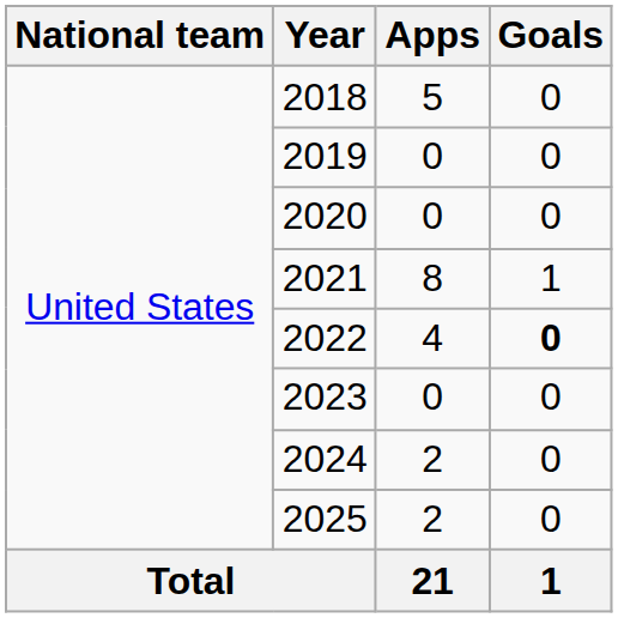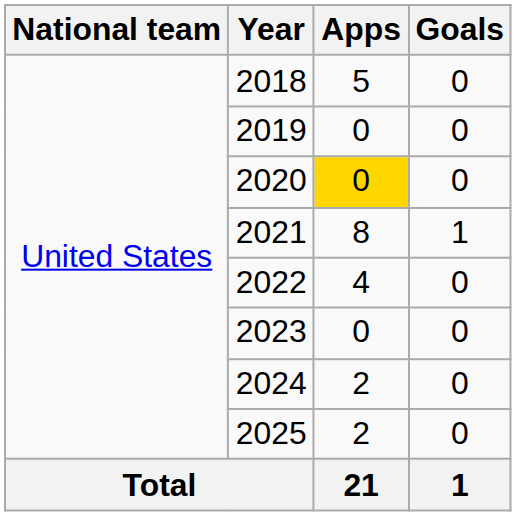 <table class="wikitable" style="text-align:center">
 <tr>
 <th>National team</th>
 <th>Year</th>
 <th>Apps</th>
 <th>Goals</th>
 </tr>
 <tr>
 <td rowspan="8"><a href='#'>United States</a></td>
 <td>2018</td>
 <td>5</td>
 <td>0</td>
 </tr>
 <tr>
 <td>2019</td>
 <td>0</td>
 <td>0</td>
 </tr>
 <tr>
 <td>2020</td>
-<td>0</td>
+<td style="background: gold;">0</td>
 <td>0</td>
 </tr>
 <tr>
 <td>2021</td>
 <td>8</td>
 <td>1</td>
 </tr>
 <tr>
 <td>2022</td>
 <td>4</td>
-<td><strong>0</strong></td>
+<td>0</td>
 </tr>
 <tr>
 <td>2023</td>
 <td>0</td>
 <td>0</td>
 </tr>
 <tr>
 <td>2024</td>
 <td>2</td>
 <td>0</td>
 </tr>
 <tr>
 <td>2025</td>
 <td>2</td>
 <td>0</td>
 </tr>
 <tr>
 <th colspan="2">Total</th>
 <th>21</th>
 <th>1</th>
 </tr>
 </table>
